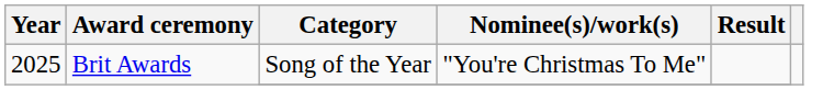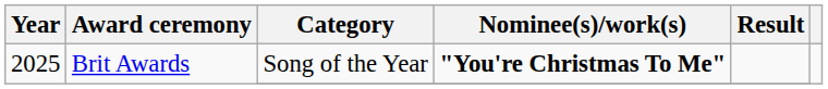 <table class="wikitable sortable plainrowheaders">
 <tr>
 <th scope="col">Year</th>
 <th scope="col">Award ceremony</th>
 <th scope="col">Category</th>
 <th scope="col">Nominee(s)/work(s)</th>
 <th scope="col">Result</th>
 <th scope="col" class="unsortable"></th>
 </tr>
 <tr>
 <td rowspan="2">2025</td>
 <td rowspan="2"><a href='#'>Brit Awards</a></td>
 <td>Song of the Year</td>
-<td>"You're Christmas To Me"</td>
+<td><strong>"You're Christmas To Me"</strong></td>
 <td></td>
 <td align="center" rowspan="2"></td>
 </tr>
 <tr>
 </tr>
 </table>
